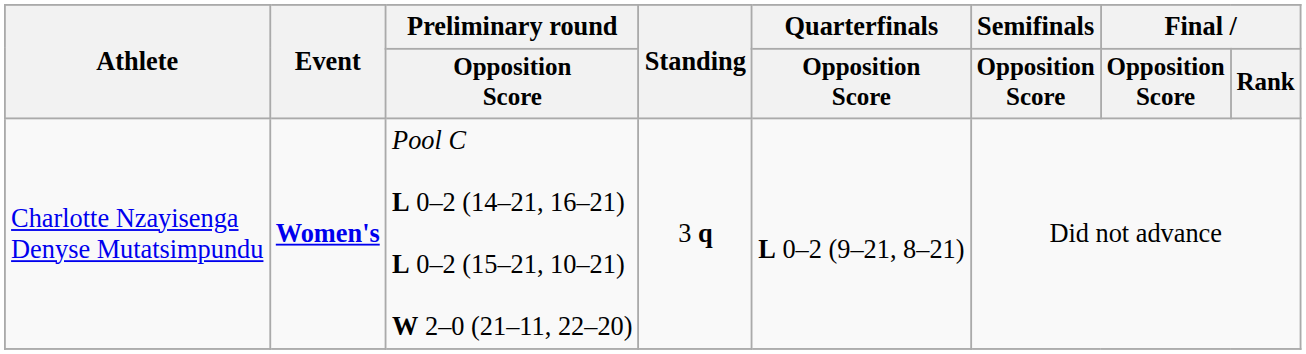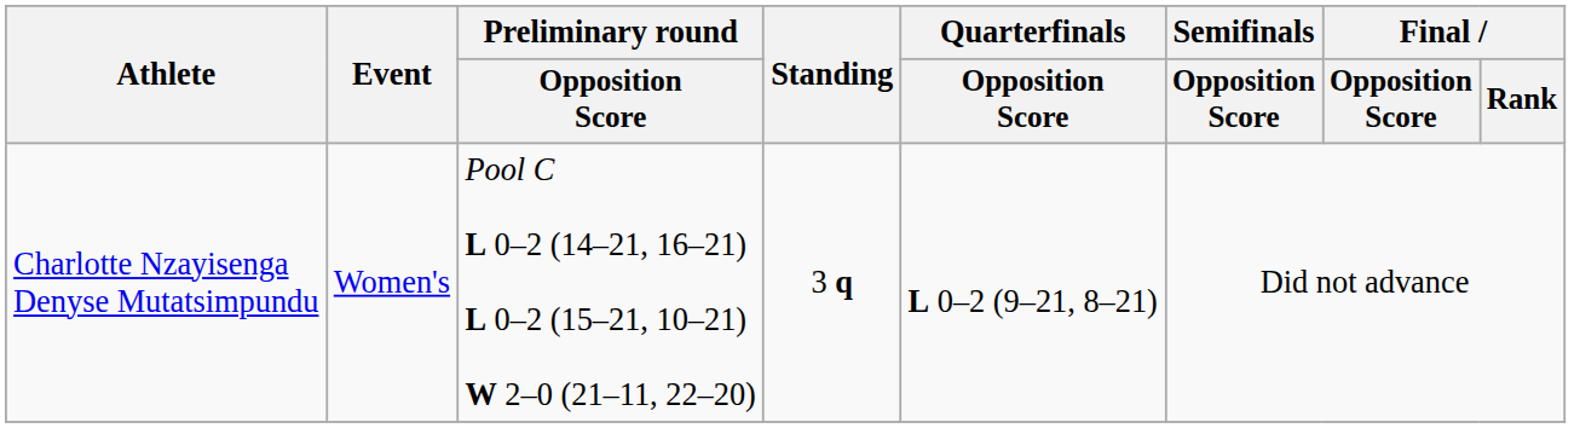 <table class=wikitable style="font-size:90%">
 <tr>
 <th rowspan="2">Athlete</th>
 <th rowspan="2">Event</th>
 <th>Preliminary round</th>
 <th rowspan="2">Standing</th>
 <th>Quarterfinals</th>
 <th>Semifinals</th>
 <th colspan=2>Final / </th>
 </tr>
 <tr style="font-size:95%">
 <th>Opposition<br>Score</th>
 <th>Opposition<br>Score</th>
 <th>Opposition<br>Score</th>
 <th>Opposition<br>Score</th>
 <th>Rank</th>
 </tr>
 <tr align=center>
 <td align=left><a href='#'>Charlotte Nzayisenga</a><br><a href='#'>Denyse Mutatsimpundu</a></td>
-<td align=left><strong><a href='#'>Women's</a></strong></td>
+<td align=left><a href='#'>Women's</a></td>
 <td align=left><em>Pool C</em><br><br><strong>L</strong> 0–2 (14–21, 16–21)<br><br><strong>L</strong> 0–2 (15–21, 10–21)<br><br><strong>W</strong> 2–0 (21–11, 22–20)</td>
 <td>3 <strong>q</strong></td>
 <td><br><strong>L</strong> 0–2 (9–21, 8–21)</td>
 <td colspan=3>Did not advance</td>
 </tr>
 </table>
